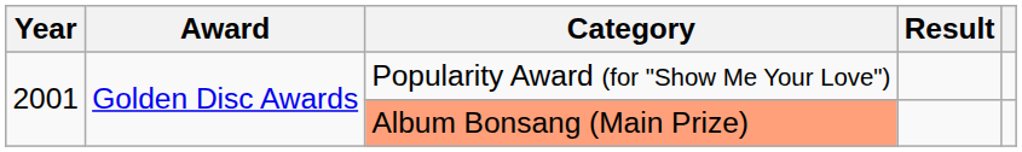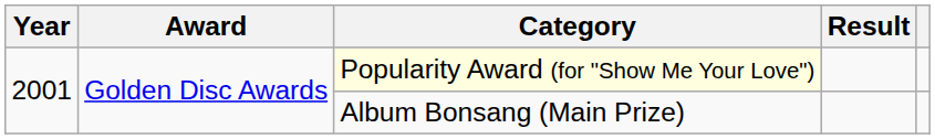 <table | class="wikitable plainrowheaders">
 <tr>
 <th>Year</th>
 <th>Award</th>
 <th>Category</th>
 <th>Result</th>
 <th></th>
 </tr>
 <tr>
 <td rowspan="2">2001</td>
 <td rowspan="2"><a href='#'>Golden Disc Awards</a></td>
-<td>Popularity Award <small>(for "Show Me Your Love")</small></td>
+<td style="background: lightyellow;">Popularity Award <small>(for "Show Me Your Love")</small></td>
 <td></td>
 <td align="center"></td>
 </tr>
 <tr>
-<td style="background: lightsalmon;">Album Bonsang (Main Prize)</td>
+<td>Album Bonsang (Main Prize)</td>
 <td></td>
 <td></td>
 </tr>
 </table>
